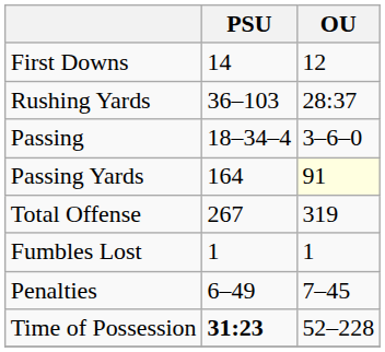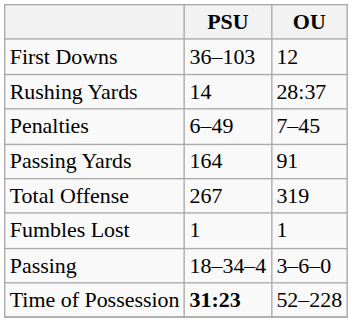 <table class="wikitable">
 <tr>
 <th></th>
 <th>PSU</th>
 <th>OU</th>
 </tr>
 <tr>
 <td>First Downs</td>
-<td>14</td>
+<td>36–103</td>
 <td>12</td>
 </tr>
 <tr>
 <td>Rushing Yards</td>
-<td>36–103</td>
+<td>14</td>
 <td>28:37</td>
 </tr>
 <tr>
-<td>Passing</td>
-<td>18–34–4</td>
-<td>3–6–0</td>
+<td>Penalties</td>
+<td>6–49</td>
+<td>7–45</td>
 </tr>
 <tr>
 <td>Passing Yards</td>
 <td>164</td>
-<td style="background: lightyellow;">91</td>
+<td>91</td>
 </tr>
 <tr>
 <td>Total Offense</td>
 <td>267</td>
 <td>319</td>
 </tr>
 <tr>
 <td>Fumbles Lost</td>
 <td>1</td>
 <td>1</td>
 </tr>
 <tr>
-<td>Penalties</td>
-<td>6–49</td>
-<td>7–45</td>
+<td>Passing</td>
+<td>18–34–4</td>
+<td>3–6–0</td>
 </tr>
 <tr>
 <td>Time of Possession</td>
 <td><strong>31:23</strong></td>
 <td>52–228</td>
 </tr>
 <tr>
 </tr>
 </table>
